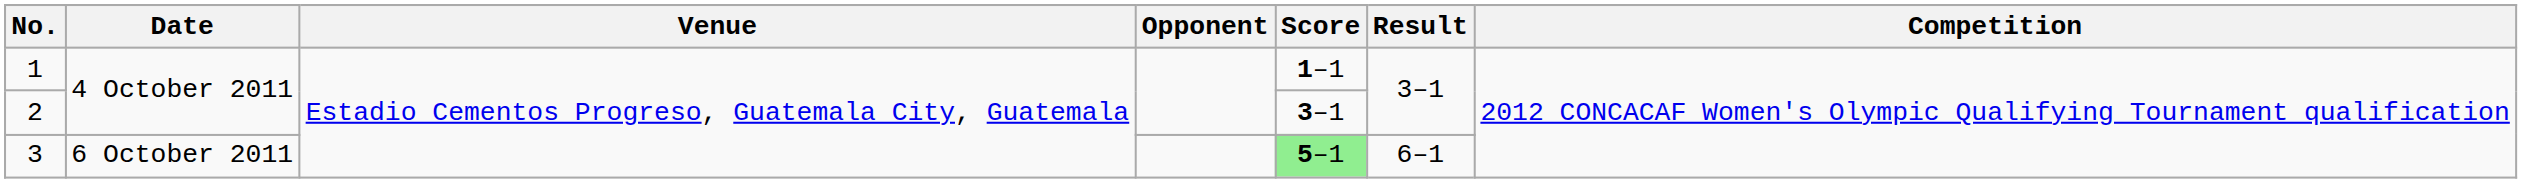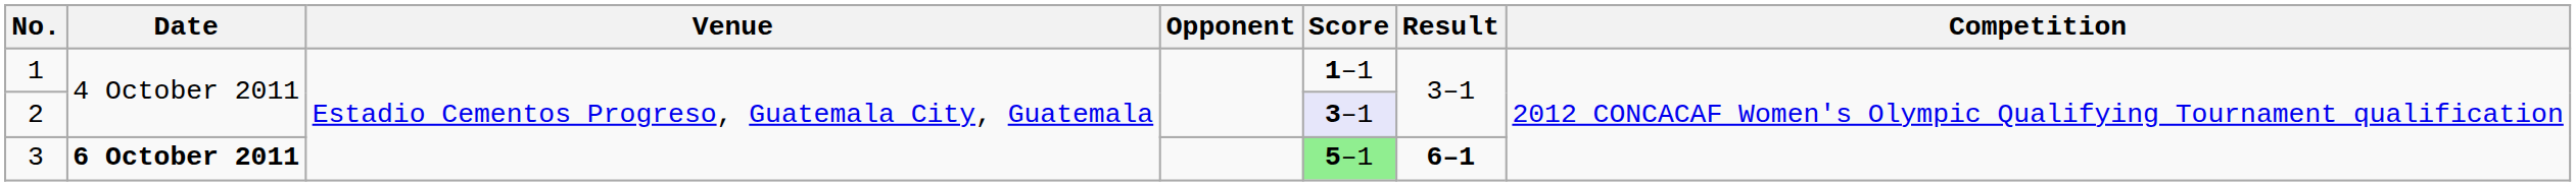 <table class="wikitable">
 <tr>
 <th>No.</th>
 <th>Date</th>
 <th>Venue</th>
 <th>Opponent</th>
 <th>Score</th>
 <th>Result</th>
 <th>Competition</th>
 </tr>
 <tr>
 <td style="text-align:center;">1</td>
 <td rowspan=2>4 October 2011</td>
 <td rowspan=3><a href='#'>Estadio Cementos Progreso</a>, <a href='#'>Guatemala City</a>, <a href='#'>Guatemala</a></td>
 <td rowspan=2></td>
 <td style="text-align:center;"><strong>1</strong>–1</td>
 <td rowspan=2 style="text-align:center;">3–1</td>
 <td rowspan=3><a href='#'>2012 CONCACAF Women's Olympic Qualifying Tournament qualification</a></td>
 </tr>
 <tr style="text-align:center;">
 <td>2</td>
-<td><strong>3</strong>–1</td>
+<td style="background: lavender;"><strong>3</strong>–1</td>
 </tr>
 <tr>
 <td style="text-align:center;">3</td>
-<td>6 October 2011</td>
+<td><strong>6 October 2011</strong></td>
 <td></td>
 <td style="background: lightgreen; text-align:center;"><strong>5</strong>–1</td>
-<td style="text-align:center;">6–1</td>
+<td style="text-align:center;"><strong>6–1</strong></td>
 </tr>
 </table>
